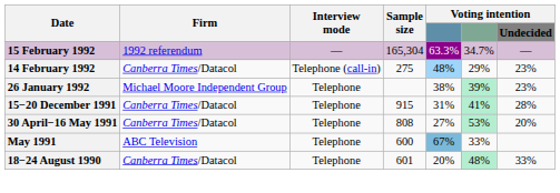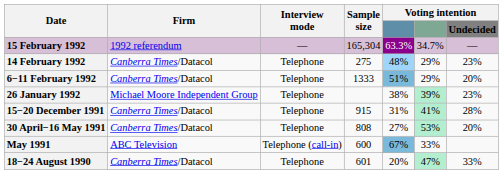 <table class="nowrap wikitable sortable tpl-blanktable" style=text-align:center;font-size:100%>
 <tr>
 <th rowspan=2>Date</th>
 <th rowspan=2>Firm</th>
 <th rowspan=2 class=unsortable>Interview<br>mode</th>
 <th rowspan=2 class=unsortable>Sample<br>size</th>
 <th colspan="3">Voting intention</th>
 </tr>
 <tr>
 <th class=unsortable style=background:#5F8FA8></th>
 <th class=unsortable style=background:#7FA894></th>
 <th class=unsortable style=background:grey><span>Undecided</span></th>
 </tr>
 <tr style=background:Thistle>
 <td style=text-align:left><strong>15 February 1992</strong></td>
 <td style=text-align:left><a href='#'>1992 referendum</a></td>
 <td style="background:Thistle;">—</td>
 <td style="background:Thistle;">165,304</td>
 <td style="background:DarkMagenta; color:white;">63.3%</td>
 <td style="background:Thistle;">34.7%</td>
 <td style="background:Thistle;">—</td>
 </tr>
 <tr>
 <th style=text-align:left>14 February 1992</th>
 <td style=text-align:left><em><a href='#'>Canberra Times</a></em>/Datacol</td>
-<td>Telephone (<a href='#'>call-in</a>)</td>
+<td>Telephone</td>
 <td>275</td>
 <td style="background:#9ED5F9">48%</td>
 <td>29%</td>
 <td>23%</td>
+</tr>
+<tr>
+<th style=text-align:left>6−11 February 1992</th>
+<td style=text-align:left><em><a href='#'>Canberra Times</a></em>/Datacol</td>
+<td>Telephone</td>
+<td>1333</td>
+<td style="background:#7AB9DA">51%</td>
+<td>29%</td>
+<td>20%</td>
 </tr>
 <tr>
 <th style=text-align:left>26 January 1992</th>
 <td style=text-align:left><a href='#'>Michael Moore Independent Group</a></td>
 <td>Telephone</td>
 <td></td>
 <td>38%</td>
 <td style="background:#B4EED1">39%</td>
 <td>23%</td>
 </tr>
 <tr>
 <th style=text-align:left>15−20 December 1991</th>
 <td style=text-align:left><em><a href='#'>Canberra Times</a></em>/Datacol</td>
 <td>Telephone</td>
 <td>915</td>
 <td>31%</td>
 <td style="background:#B4EED1">41%</td>
 <td>28%</td>
 </tr>
 <tr>
 <th style=text-align:left>30 April−16 May 1991</th>
 <td style=text-align:left><em><a href='#'>Canberra Times</a></em>/Datacol</td>
 <td>Telephone</td>
 <td>808</td>
 <td>27%</td>
 <td style="background:#B4EED1">53%</td>
 <td>20%</td>
 </tr>
 <tr>
 <th style=text-align:left>May 1991</th>
 <td style=text-align:left><a href='#'>ABC Television</a></td>
-<td>Telephone</td>
+<td>Telephone (<a href='#'>call-in</a>)</td>
 <td>600</td>
 <td style="background:#7AB9DA">67%</td>
 <td>33%</td>
 <td></td>
 </tr>
 <tr>
 <th style=text-align:left>18−24 August 1990</th>
 <td style=text-align:left><em><a href='#'>Canberra Times</a></em>/Datacol</td>
 <td>Telephone</td>
 <td>601</td>
 <td>20%</td>
-<td style="background:#B4EED1">48%</td>
+<td style="background:#B4EED1">47%</td>
 <td>33%</td>
 </tr>
 </table>
